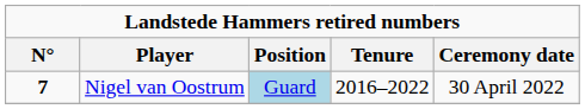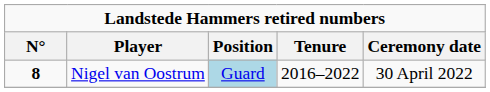 <table class="wikitable sortable" style="text-align:center">
 <tr>
 <td colspan="5"><strong>Landstede Hammers retired numbers</strong></td>
 </tr>
 <tr>
 <th>N°</th>
 <th>Player</th>
 <th>Position</th>
 <th>Tenure</th>
 <th>Ceremony date</th>
 </tr>
 <tr>
-<td width=50><strong>7</strong></td>
+<td width=50><strong>8</strong></td>
 <td><a href='#'>Nigel van Oostrum</a></td>
 <td style="background: lightblue;"><a href='#'>Guard</a></td>
 <td>2016–2022</td>
 <td>30 April 2022</td>
 </tr>
 <tr>
 </tr>
 </table>
